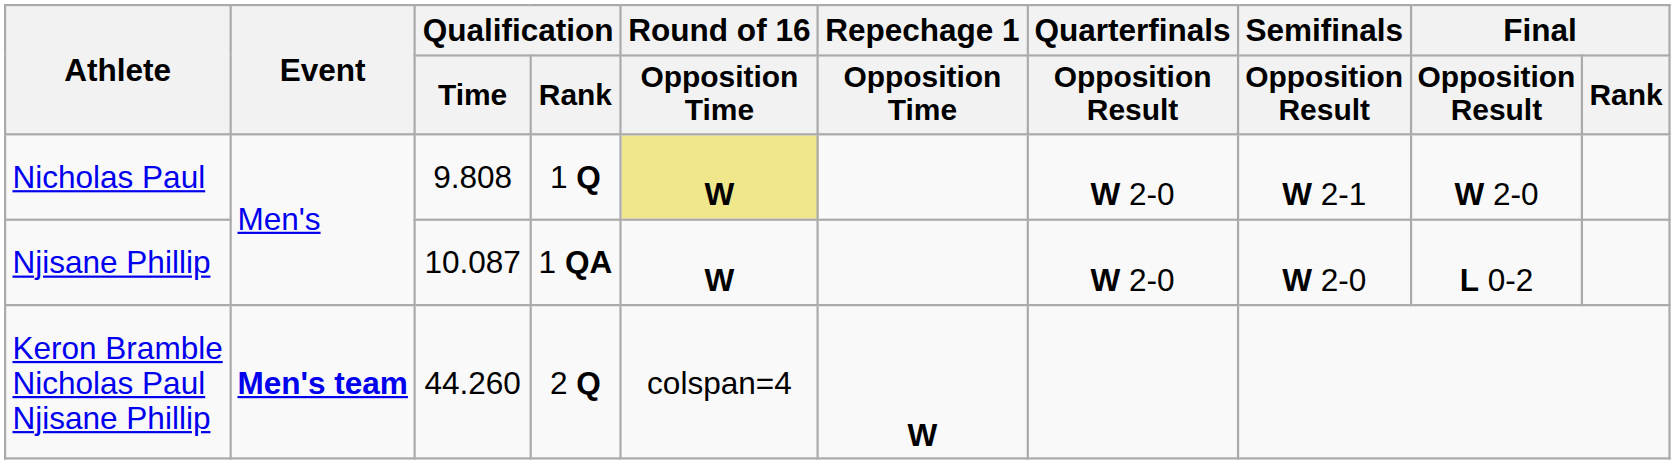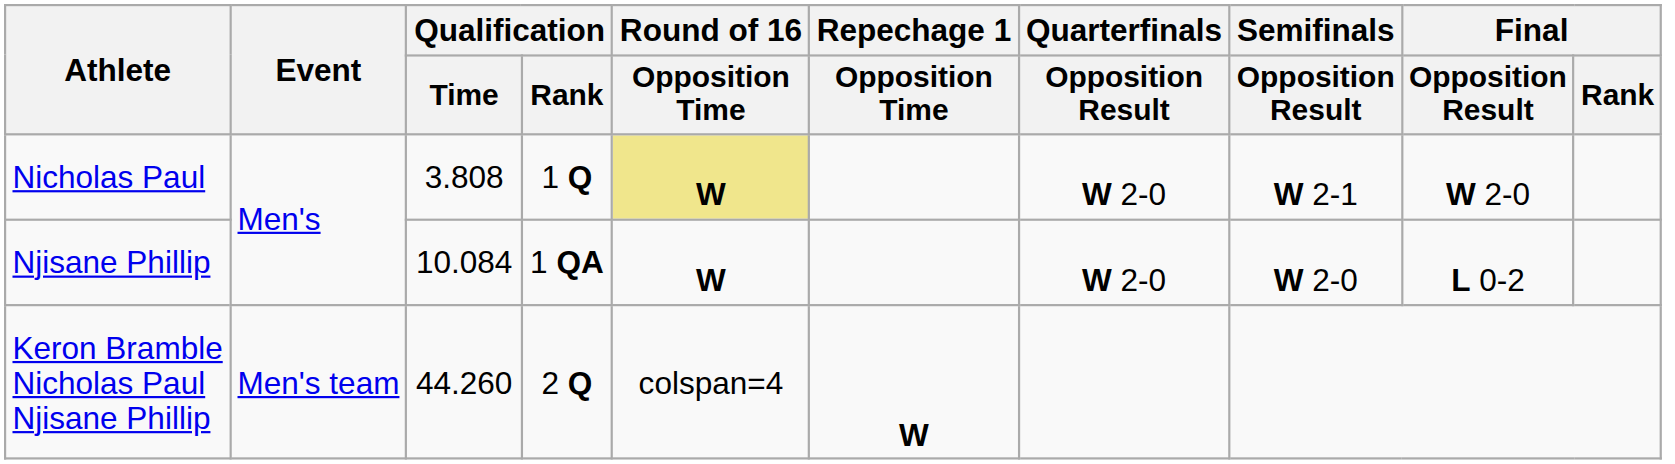 <table class="wikitable" style="font-size:90%;">
 <tr>
 <th rowspan=2>Athlete</th>
 <th rowspan=2>Event</th>
 <th colspan=2>Qualification</th>
 <th>Round of 16</th>
 <th>Repechage 1</th>
 <th>Quarterfinals</th>
 <th>Semifinals</th>
 <th colspan=2>Final</th>
 </tr>
 <tr style="font-size:95%">
 <th>Time</th>
 <th>Rank</th>
 <th>Opposition<br>Time</th>
 <th>Opposition<br>Time</th>
 <th>Opposition<br>Result</th>
 <th>Opposition<br>Result</th>
 <th>Opposition<br>Result</th>
 <th>Rank</th>
 </tr>
 <tr style="text-align:center">
 <td style="text-align:left"><a href='#'>Nicholas Paul</a></td>
 <td style="text-align:left" rowspan=2><a href='#'>Men's</a></td>
-<td>9.808</td>
+<td>3.808</td>
 <td>1 <strong>Q</strong></td>
 <td style="background: khaki;"><br><strong>W</strong></td>
 <td></td>
 <td><br><strong>W</strong> 2-0</td>
 <td><br><strong>W</strong> 2-1</td>
 <td><br><strong>W</strong> 2-0</td>
 <td></td>
 </tr>
 <tr style="text-align:center">
 <td style="text-align:left"><a href='#'>Njisane Phillip</a></td>
-<td>10.087</td>
+<td>10.084</td>
 <td>1 <strong>QA</strong></td>
 <td><br><strong>W</strong></td>
 <td></td>
 <td><br><strong>W</strong> 2-0</td>
 <td><br><strong>W</strong> 2-0</td>
 <td><br><strong>L</strong> 0-2</td>
 <td></td>
 </tr>
 <tr style="text-align:center">
 <td style="text-align:left"><a href='#'>Keron Bramble</a><br><a href='#'>Nicholas Paul</a><br><a href='#'>Njisane Phillip</a></td>
-<td style="text-align:left"><strong><a href='#'>Men's team</a></strong></td>
+<td style="text-align:left"><a href='#'>Men's team</a></td>
 <td>44.260</td>
 <td>2 <strong>Q</strong></td>
 <td>colspan=4 </td>
 <td><br><br><br><strong>W</strong></td>
 <td></td>
 </tr>
 </table>
